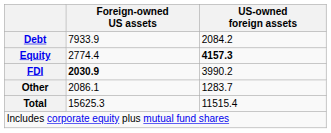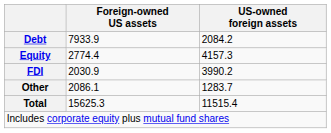 <table class="wikitable floatright" style="width: 32em;">
 <tr>
 <th></th>
 <th>Foreign-owned<br>US assets</th>
 <th>US-owned<br>foreign assets</th>
 </tr>
 <tr>
 <th><a href='#'>Debt</a></th>
 <td>7933.9</td>
 <td>2084.2</td>
 </tr>
 <tr>
 <th><a href='#'>Equity</a></th>
 <td>2774.4</td>
-<td><strong>4157.3</strong></td>
+<td>4157.3</td>
 </tr>
 <tr>
 <th><a href='#'>FDI</a></th>
-<td><strong>2030.9</strong></td>
+<td>2030.9</td>
 <td>3990.2</td>
 </tr>
 <tr>
 <th>Other</th>
 <td>2086.1</td>
 <td>1283.7</td>
 </tr>
 <tr>
 <th>Total</th>
 <td>15625.3</td>
 <td>11515.4</td>
 </tr>
 <tr>
 <td colspan=3> Includes <a href='#'>corporate equity</a> plus <a href='#'>mutual fund shares</a></td>
 </tr>
 </table>
